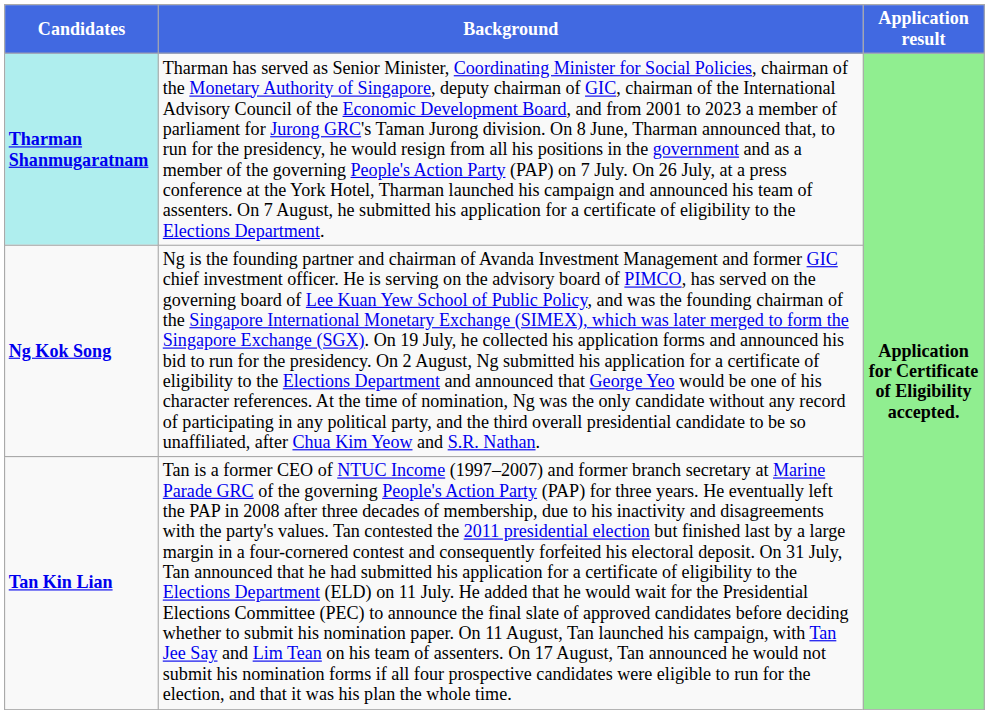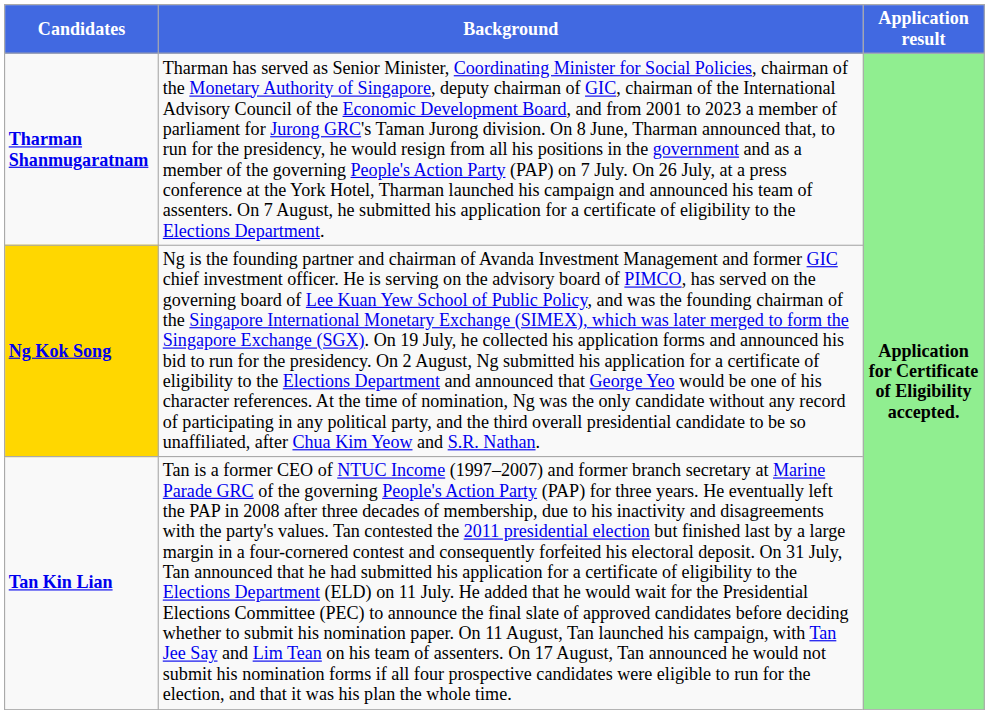 <table class="wikitable">
 <tr>
 <th style="background: RoyalBlue; color: white;">Candidates</th>
 <th style="background: RoyalBlue; color: white;">Background</th>
 <th style="background: RoyalBlue; color: white;">Application result</th>
 </tr>
 <tr>
-<td style="background: paleturquoise;"><strong><a href='#'>Tharman Shanmugaratnam</a></strong></td>
+<td><strong><a href='#'>Tharman Shanmugaratnam</a></strong></td>
 <td>Tharman has served as Senior Minister, <a href='#'>Coordinating Minister for Social Policies</a>, chairman of the <a href='#'>Monetary Authority of Singapore</a>, deputy chairman of <a href='#'>GIC</a>, chairman of the International Advisory Council of the <a href='#'>Economic Development Board</a>, and from 2001 to 2023 a member of parliament for <a href='#'>Jurong GRC</a>'s Taman Jurong division. On 8 June, Tharman announced that, to run for the presidency, he would resign from all his positions in the <a href='#'>government</a> and as a member of the governing <a href='#'>People's Action Party</a> (PAP) on 7 July. On 26 July, at a press conference at the York Hotel, Tharman launched his campaign and announced his team of assenters. On 7 August, he submitted his application for a certificate of eligibility to the <a href='#'>Elections Department</a>.</td>
 <th rowspan=3 style="background: lightgreen";>Application for Certificate of Eligibility accepted.</th>
 </tr>
 <tr>
-<td><strong><a href='#'>Ng Kok Song</a></strong></td>
+<td style="background: gold;"><strong><a href='#'>Ng Kok Song</a></strong></td>
 <td>Ng is the founding partner and chairman of Avanda Investment Management and former <a href='#'>GIC</a> chief investment officer. He is serving on the advisory board of <a href='#'>PIMCO</a>, has served on the governing board of <a href='#'>Lee Kuan Yew School of Public Policy</a>, and was the founding chairman of the <a href='#'>Singapore International Monetary Exchange (SIMEX), which was later merged to form the Singapore Exchange (SGX)</a>. On 19 July, he collected his application forms and announced his bid to run for the presidency. On 2 August, Ng submitted his application for a certificate of eligibility to the <a href='#'>Elections Department</a> and announced that <a href='#'>George Yeo</a> would be one of his character references. At the time of nomination, Ng was the only candidate without any record of participating in any political party, and the third overall presidential candidate to be so unaffiliated, after <a href='#'>Chua Kim Yeow</a> and <a href='#'>S.R. Nathan</a>.</td>
 </tr>
 <tr>
 <td><strong><a href='#'>Tan Kin Lian</a></strong></td>
 <td>Tan is a former CEO of <a href='#'>NTUC Income</a> (1997–2007) and former branch secretary at <a href='#'>Marine Parade GRC</a> of the governing <a href='#'>People's Action Party</a> (PAP) for three years. He eventually left the PAP in 2008 after three decades of membership, due to his inactivity and disagreements with the party's values. Tan contested the <a href='#'>2011 presidential election</a> but finished last by a large margin in a four-cornered contest and consequently forfeited his electoral deposit. On 31 July, Tan announced that he had submitted his application for a certificate of eligibility to the <a href='#'>Elections Department</a> (ELD) on 11 July. He added that he would wait for the Presidential Elections Committee (PEC) to announce the final slate of approved candidates before deciding whether to submit his nomination paper. On 11 August, Tan launched his campaign, with <a href='#'>Tan Jee Say</a> and <a href='#'>Lim Tean</a> on his team of assenters. On 17 August, Tan announced he would not submit his nomination forms if all four prospective candidates were eligible to run for the election, and that it was his plan the whole time.</td>
 </tr>
 </table>
